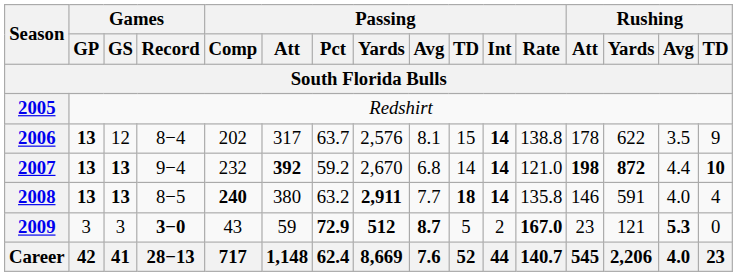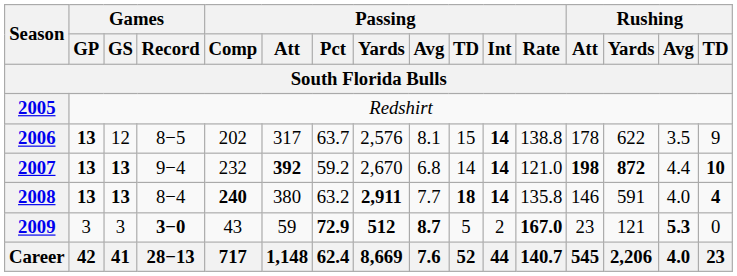 <table class="wikitable" style="text-align:center;">
 <tr>
 <th rowspan="2">Season</th>
 <th colspan="3">Games</th>
 <th colspan="8">Passing</th>
 <th colspan="5">Rushing</th>
 </tr>
 <tr>
 <th>GP</th>
 <th>GS</th>
 <th>Record</th>
 <th>Comp</th>
 <th>Att</th>
 <th>Pct</th>
 <th>Yards</th>
 <th>Avg</th>
 <th>TD</th>
 <th>Int</th>
 <th>Rate</th>
 <th>Att</th>
 <th>Yards</th>
 <th>Avg</th>
 <th>TD</th>
 </tr>
 <tr>
 <th colspan="16">South Florida Bulls</th>
 </tr>
 <tr>
 <th><a href='#'>2005</a></th>
 <td colspan="15"><em>Redshirt </em></td>
 </tr>
 <tr>
 <th><a href='#'>2006</a></th>
 <td><strong>13</strong></td>
 <td>12</td>
-<td>8−4</td>
+<td>8−5</td>
 <td>202</td>
 <td>317</td>
 <td>63.7</td>
 <td>2,576</td>
 <td>8.1</td>
 <td>15</td>
 <td><strong>14</strong></td>
 <td>138.8</td>
 <td>178</td>
 <td>622</td>
 <td>3.5</td>
 <td>9</td>
 </tr>
 <tr>
 <th><a href='#'>2007</a></th>
 <td><strong>13</strong></td>
 <td><strong>13</strong></td>
 <td>9−4</td>
 <td>232</td>
 <td><strong>392</strong></td>
 <td>59.2</td>
 <td>2,670</td>
 <td>6.8</td>
 <td>14</td>
 <td><strong>14</strong></td>
 <td>121.0</td>
 <td><strong>198</strong></td>
 <td><strong>872</strong></td>
 <td>4.4</td>
 <td><strong>10</strong></td>
 </tr>
 <tr>
 <th><a href='#'>2008</a></th>
 <td><strong>13</strong></td>
 <td><strong>13</strong></td>
-<td>8−5</td>
+<td>8−4</td>
 <td><strong>240</strong></td>
 <td>380</td>
 <td>63.2</td>
 <td><strong>2,911</strong></td>
 <td>7.7</td>
 <td><strong>18</strong></td>
 <td><strong>14</strong></td>
 <td>135.8</td>
 <td>146</td>
 <td>591</td>
 <td>4.0</td>
-<td>4</td>
+<td><strong>4</strong></td>
 </tr>
 <tr>
 <th><a href='#'>2009</a></th>
 <td>3</td>
 <td>3</td>
 <td><strong>3−0</strong></td>
 <td>43</td>
 <td>59</td>
 <td><strong>72.9</strong></td>
 <td><strong>512</strong></td>
 <td><strong>8.7</strong></td>
 <td>5</td>
 <td>2</td>
 <td><strong>167.0</strong></td>
 <td>23</td>
 <td>121</td>
 <td><strong>5.3</strong></td>
 <td>0</td>
 </tr>
 <tr>
 <th>Career</th>
 <th>42</th>
 <th>41</th>
 <th>28−13</th>
 <th>717</th>
 <th>1,148</th>
 <th>62.4</th>
 <th>8,669</th>
 <th>7.6</th>
 <th>52</th>
 <th>44</th>
 <th>140.7</th>
 <th>545</th>
 <th>2,206</th>
 <th>4.0</th>
 <th>23</th>
 </tr>
 </table>
